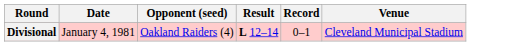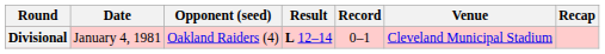 <table class="wikitable" style="text-align:center">
 <tr>
 <th>Round</th>
 <th>Date</th>
 <th>Opponent (seed)</th>
 <th>Result</th>
 <th>Record</th>
 <th>Venue</th>
+<th>Recap</th>
 </tr>
 <tr style="background:#fcc">
 <th>Divisional</th>
 <td>January 4, 1981</td>
 <td><a href='#'>Oakland Raiders</a> (4)</td>
 <td><strong>L</strong> <a href='#'>12–14</a></td>
 <td>0–1</td>
 <td><a href='#'>Cleveland Municipal Stadium</a></td>
+<td></td>
 </tr>
 </table>
